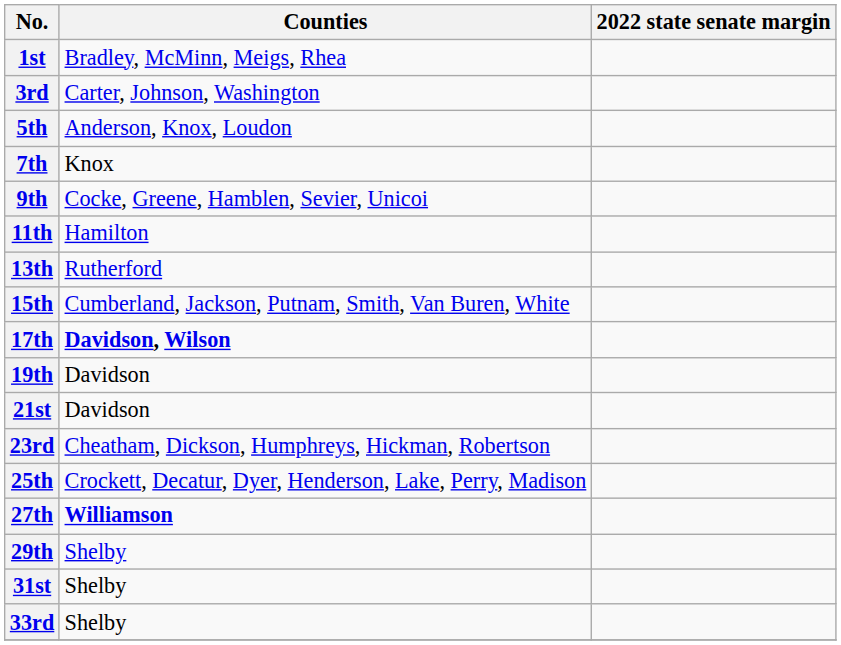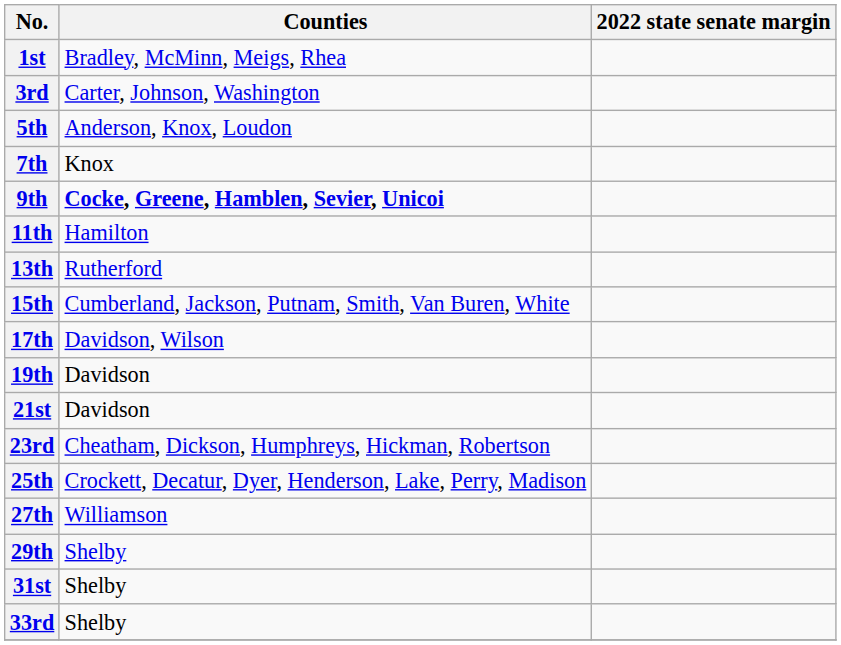 <table class="wikitable sortable">
 <tr>
 <th>No.</th>
 <th>Counties</th>
 <th>2022 state senate margin</th>
 </tr>
 <tr>
 <th><a href='#'>1st</a></th>
 <td><a href='#'>Bradley</a>, <a href='#'>McMinn</a>, <a href='#'>Meigs</a>, <a href='#'>Rhea</a></td>
 <td></td>
 </tr>
 <tr>
 <th><a href='#'>3rd</a></th>
 <td><a href='#'>Carter</a>, <a href='#'>Johnson</a>, <a href='#'>Washington</a></td>
 <td></td>
 </tr>
 <tr>
 <th><a href='#'>5th</a></th>
 <td><a href='#'>Anderson</a>, <a href='#'>Knox</a>, <a href='#'>Loudon</a></td>
 <td></td>
 </tr>
 <tr>
 <th><a href='#'>7th</a></th>
 <td>Knox</td>
 <td></td>
 </tr>
 <tr>
 <th><a href='#'>9th</a></th>
-<td><a href='#'>Cocke</a>, <a href='#'>Greene</a>, <a href='#'>Hamblen</a>, <a href='#'>Sevier</a>, <a href='#'>Unicoi</a></td>
+<td><strong><a href='#'>Cocke</a>, <a href='#'>Greene</a>, <a href='#'>Hamblen</a>, <a href='#'>Sevier</a>, <a href='#'>Unicoi</a></strong></td>
 <td></td>
 </tr>
 <tr>
 <th><a href='#'>11th</a></th>
 <td><a href='#'>Hamilton</a></td>
 <td></td>
 </tr>
 <tr>
 <th><a href='#'>13th</a></th>
 <td><a href='#'>Rutherford</a></td>
 <td></td>
 </tr>
 <tr>
 <th><a href='#'>15th</a></th>
 <td><a href='#'>Cumberland</a>, <a href='#'>Jackson</a>, <a href='#'>Putnam</a>, <a href='#'>Smith</a>, <a href='#'>Van Buren</a>, <a href='#'>White</a></td>
 <td></td>
 </tr>
 <tr>
 <th><a href='#'>17th</a></th>
-<td><strong><a href='#'>Davidson</a>, <a href='#'>Wilson</a></strong></td>
+<td><a href='#'>Davidson</a>, <a href='#'>Wilson</a></td>
 <td></td>
 </tr>
 <tr>
 <th><a href='#'>19th</a></th>
 <td>Davidson</td>
 <td></td>
 </tr>
 <tr>
 <th><a href='#'>21st</a></th>
 <td>Davidson</td>
 <td></td>
 </tr>
 <tr>
 <th><a href='#'>23rd</a></th>
 <td><a href='#'>Cheatham</a>, <a href='#'>Dickson</a>, <a href='#'>Humphreys</a>, <a href='#'>Hickman</a>, <a href='#'>Robertson</a></td>
 <td></td>
 </tr>
 <tr>
 <th><a href='#'>25th</a></th>
 <td><a href='#'>Crockett</a>, <a href='#'>Decatur</a>, <a href='#'>Dyer</a>, <a href='#'>Henderson</a>, <a href='#'>Lake</a>, <a href='#'>Perry</a>, <a href='#'>Madison</a></td>
 <td></td>
 </tr>
 <tr>
 <th><a href='#'>27th</a></th>
-<td><strong><a href='#'>Williamson</a></strong></td>
+<td><a href='#'>Williamson</a></td>
 <td></td>
 </tr>
 <tr>
 <th><a href='#'>29th</a></th>
 <td><a href='#'>Shelby</a></td>
 <td></td>
 </tr>
 <tr>
 <th><a href='#'>31st</a></th>
 <td>Shelby</td>
 <td></td>
 </tr>
 <tr>
 <th><a href='#'>33rd</a></th>
 <td>Shelby</td>
 <td></td>
 </tr>
 <tr>
 </tr>
 </table>
